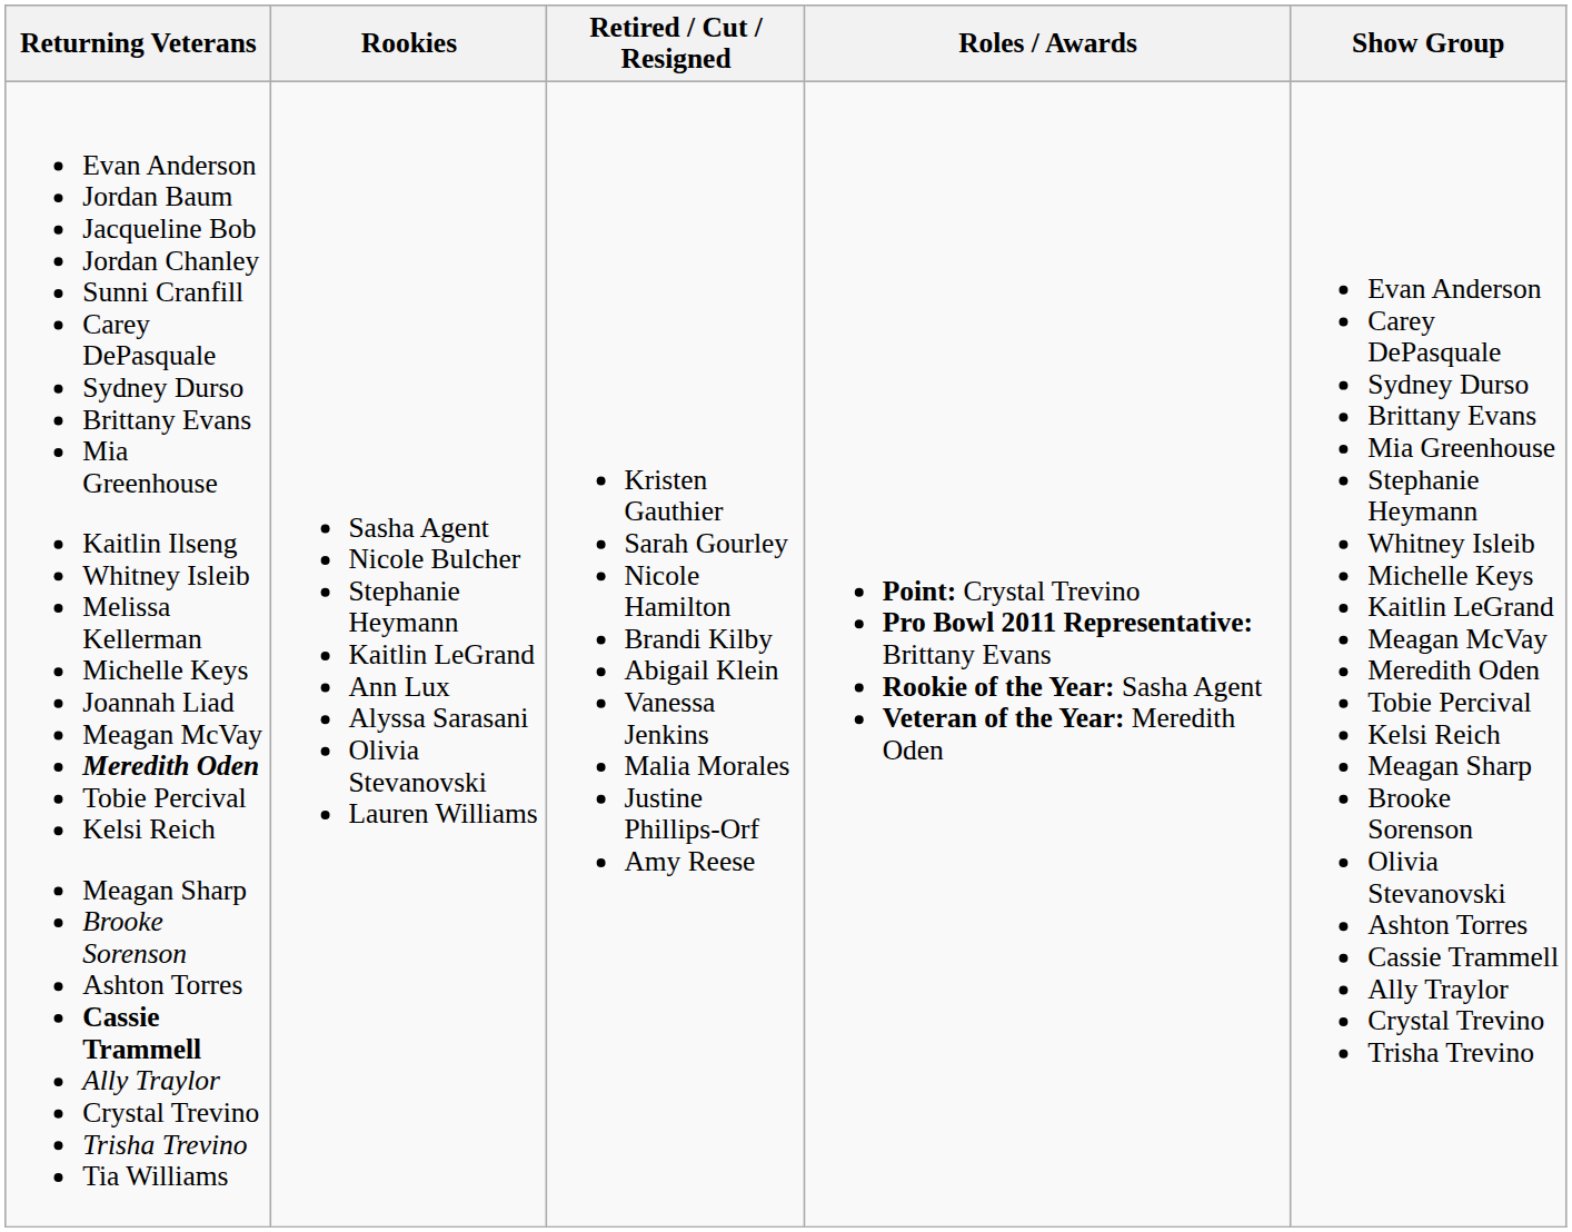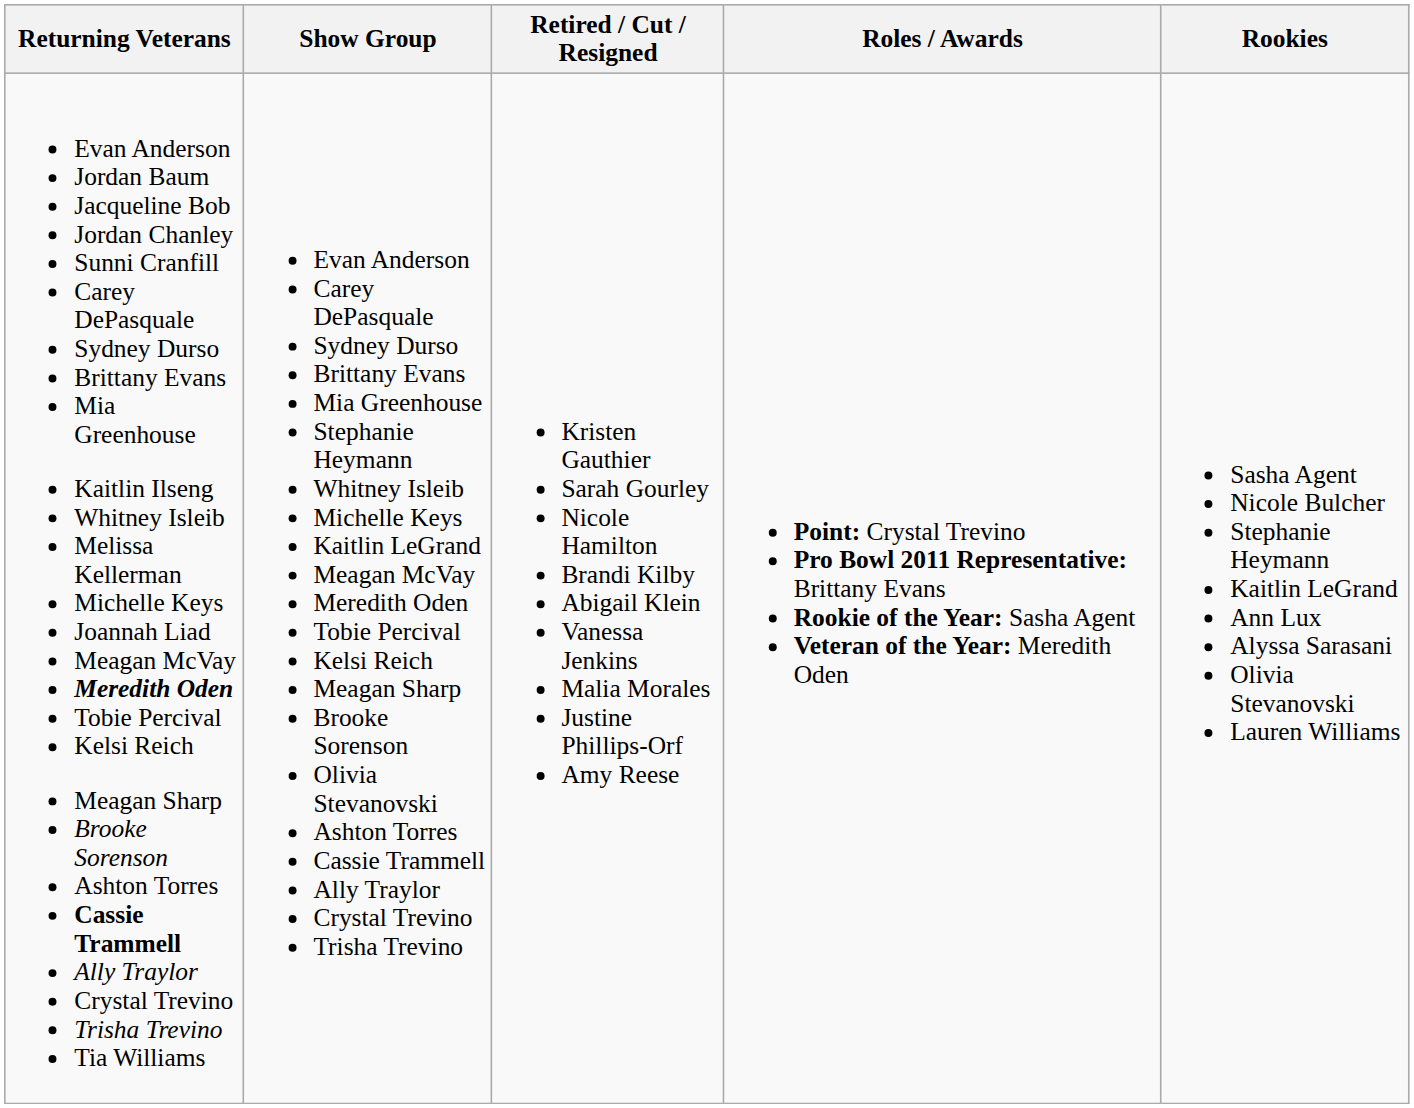 <table class="wikitable" style="width:100%;">
 <tr>
 <th>Returning Veterans</th>
-<th>Rookies</th>
+<th>Show Group</th>
 <th>Retired / Cut / Resigned</th>
 <th>Roles / Awards</th>
-<th>Show Group</th>
+<th>Rookies</th>
 </tr>
 <tr>
 <td><br><ul><li>Evan Anderson</li><li>Jordan Baum</li><li>Jacqueline Bob</li><li>Jordan Chanley</li><li>Sunni Cranfill</li><li>Carey DePasquale</li><li>Sydney Durso</li><li>Brittany Evans</li><li>Mia Greenhouse</li></ul><ul><li>Kaitlin Ilseng</li><li>Whitney Isleib</li><li>Melissa Kellerman</li><li>Michelle Keys</li><li>Joannah Liad</li><li>Meagan McVay</li><li><strong><em>Meredith Oden</em></strong></li><li>Tobie Percival</li><li>Kelsi Reich</li></ul><ul><li>Meagan Sharp</li><li><em>Brooke Sorenson</em></li><li>Ashton Torres</li><li><strong>Cassie Trammell</strong></li><li><em>Ally Traylor</em></li><li>Crystal Trevino</li><li><em>Trisha Trevino</em></li><li>Tia Williams</li></ul></td>
-<td><br><ul><li>Sasha Agent</li><li>Nicole Bulcher</li><li>Stephanie Heymann</li><li>Kaitlin LeGrand</li><li>Ann Lux</li><li>Alyssa Sarasani</li><li>Olivia Stevanovski</li><li>Lauren Williams</li></ul></td>
+<td><br><ul><li>Evan Anderson</li><li>Carey DePasquale</li><li>Sydney Durso</li><li>Brittany Evans</li><li>Mia Greenhouse</li><li>Stephanie Heymann</li><li>Whitney Isleib</li><li>Michelle Keys</li><li>Kaitlin LeGrand</li><li>Meagan McVay</li><li>Meredith Oden</li><li>Tobie Percival</li><li>Kelsi Reich</li><li>Meagan Sharp</li><li>Brooke Sorenson</li><li>Olivia Stevanovski</li><li>Ashton Torres</li><li>Cassie Trammell</li><li>Ally Traylor</li><li>Crystal Trevino</li><li>Trisha Trevino</li></ul></td>
 <td><br><ul><li>Kristen Gauthier </li><li>Sarah Gourley </li><li>Nicole Hamilton </li><li>Brandi Kilby </li><li>Abigail Klein </li><li>Vanessa Jenkins </li><li>Malia Morales </li><li>Justine Phillips-Orf </li><li>Amy Reese </li></ul></td>
 <td><br><ul><li><strong>Point:</strong> Crystal Trevino</li><li><strong>Pro Bowl 2011 Representative:</strong> Brittany Evans</li><li><strong>Rookie of the Year:</strong> Sasha Agent</li><li><strong>Veteran of the Year:</strong> Meredith Oden</li></ul></td>
-<td><br><ul><li>Evan Anderson</li><li>Carey DePasquale</li><li>Sydney Durso</li><li>Brittany Evans</li><li>Mia Greenhouse</li><li>Stephanie Heymann</li><li>Whitney Isleib</li><li>Michelle Keys</li><li>Kaitlin LeGrand</li><li>Meagan McVay</li><li>Meredith Oden</li><li>Tobie Percival</li><li>Kelsi Reich</li><li>Meagan Sharp</li><li>Brooke Sorenson</li><li>Olivia Stevanovski</li><li>Ashton Torres</li><li>Cassie Trammell</li><li>Ally Traylor</li><li>Crystal Trevino</li><li>Trisha Trevino</li></ul></td>
+<td><br><ul><li>Sasha Agent</li><li>Nicole Bulcher</li><li>Stephanie Heymann</li><li>Kaitlin LeGrand</li><li>Ann Lux</li><li>Alyssa Sarasani</li><li>Olivia Stevanovski</li><li>Lauren Williams</li></ul></td>
 </tr>
 </table>
